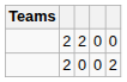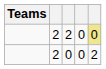 <table class="wikitable" style="text-align: center;">
 <tr>
 <th>Teams</th>
 <th></th>
 <th></th>
 <th></th>
 <th></th>
 </tr>
 <tr>
 <td></td>
 <td>2</td>
 <td>2</td>
 <td>0</td>
-<td>0</td>
+<td style="background: khaki;">0</td>
 </tr>
 <tr>
 <td></td>
 <td>2</td>
 <td>0</td>
 <td>0</td>
 <td>2</td>
 </tr>
 </table>
